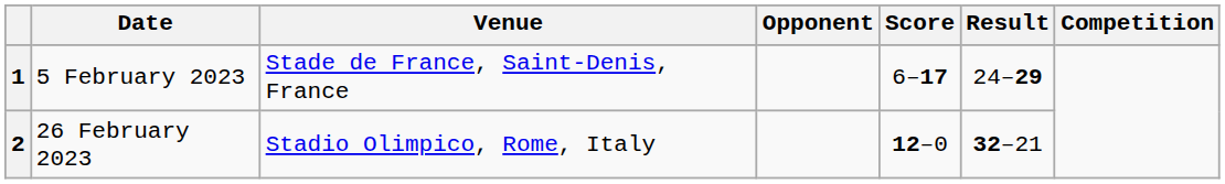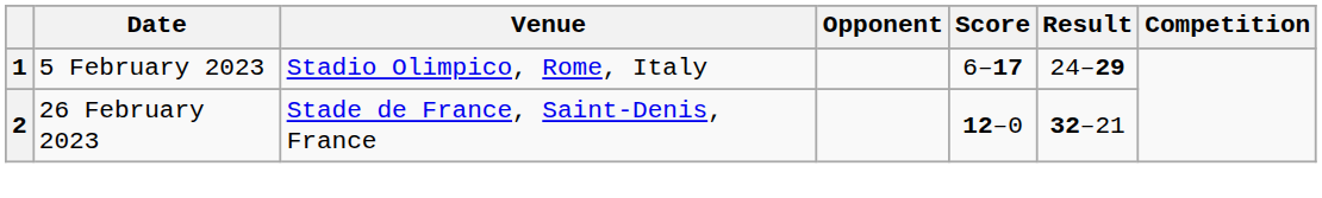 <table class="wikitable plainrowheaders" style="font-size:90%;">
 <tr>
 <th scope=col></th>
 <th scope=col data-sort-type=date>Date</th>
 <th scope=col>Venue</th>
 <th scope=col>Opponent</th>
 <th scope=col>Score</th>
 <th scope=col>Result</th>
 <th scope=col>Competition</th>
 </tr>
 <tr>
 <th scope=row>1</th>
 <td>5 February 2023</td>
-<td><a href='#'>Stade de France</a>, <a href='#'>Saint-Denis</a>, France</td>
+<td><a href='#'>Stadio Olimpico</a>, <a href='#'>Rome</a>, Italy</td>
 <td></td>
 <td align=center>6–<strong>17</strong></td>
 <td align=center>24–<strong>29</strong></td>
 <td rowspan=2></td>
 </tr>
 <tr>
 <th scope=row>2</th>
 <td>26 February 2023</td>
-<td><a href='#'>Stadio Olimpico</a>, <a href='#'>Rome</a>, Italy</td>
+<td><a href='#'>Stade de France</a>, <a href='#'>Saint-Denis</a>, France</td>
 <td></td>
 <td align=center><strong>12</strong>–0</td>
 <td align=center><strong>32</strong>–21</td>
 </tr>
 </table>
